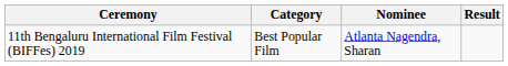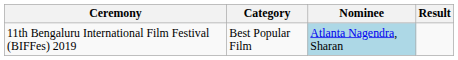 <table class="wikitable">
 <tr>
 <th>Ceremony</th>
 <th>Category</th>
 <th>Nominee</th>
 <th>Result</th>
 </tr>
 <tr>
 <td rowspan="10">11th Bengaluru International Film Festival (BIFFes) 2019</td>
 <td>Best Popular Film</td>
-<td><a href='#'>Atlanta Nagendra</a>, Sharan</td>
+<td style="background: lightblue;"><a href='#'>Atlanta Nagendra</a>, Sharan</td>
 <td></td>
 </tr>
 </table>
